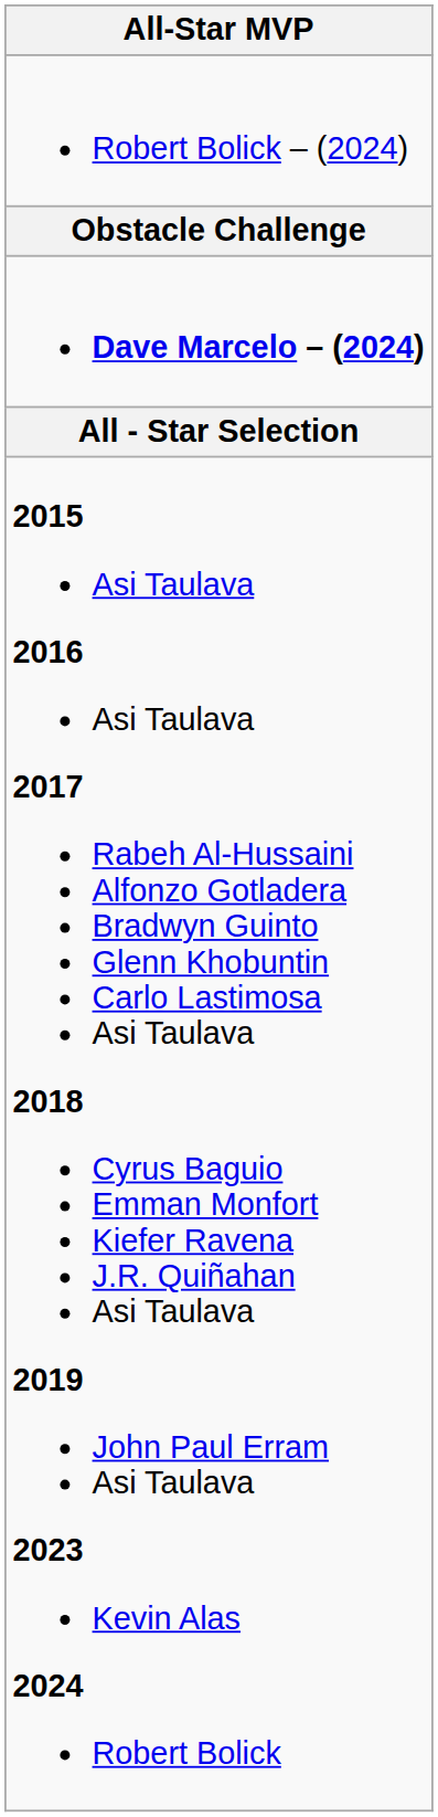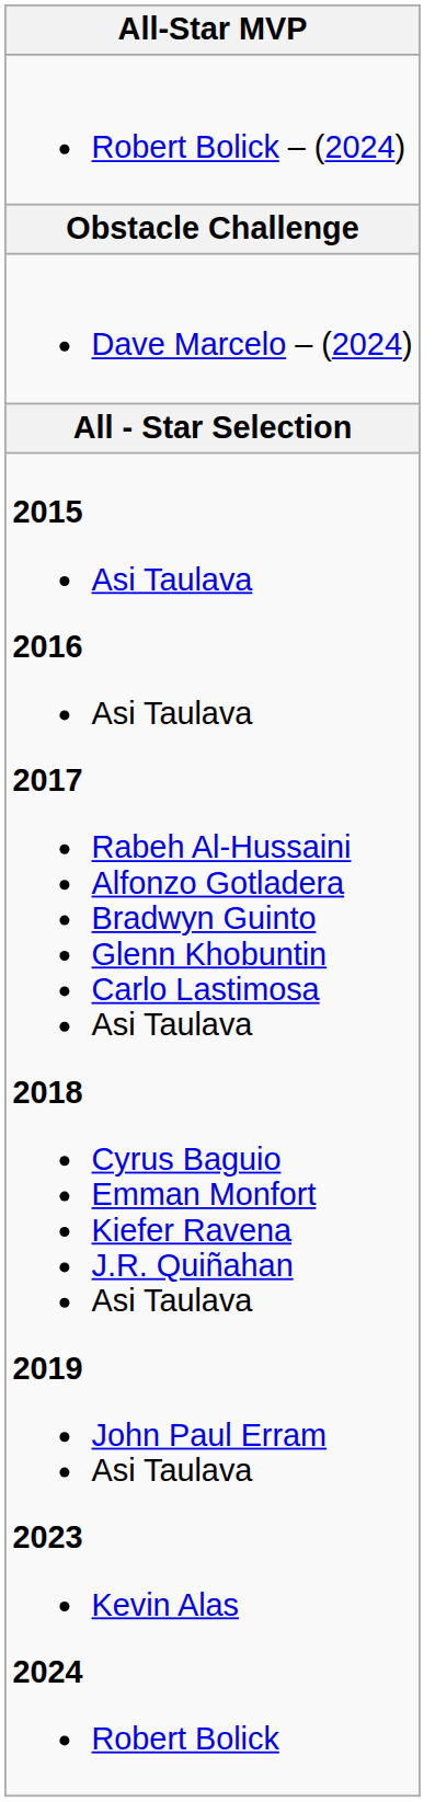 <table class=wikitable>
 <tr>
 <th>All-Star MVP</th>
 </tr>
 <tr>
 <td valign="top"><br><ul><li><a href='#'>Robert Bolick</a> – (<a href='#'>2024</a>)</li></ul></td>
 </tr>
 <tr>
 <th>Obstacle Challenge</th>
 </tr>
 <tr>
-<td valign="top"><strong><br><ul><li><a href='#'>Dave Marcelo</a> – (<a href='#'>2024</a>)</li></ul></strong></td>
+<td valign="top"><br><ul><li><a href='#'>Dave Marcelo</a> – (<a href='#'>2024</a>)</li></ul></td>
 </tr>
 <tr>
 <th>All - Star Selection</th>
 </tr>
 <tr>
 <td valign="top"><br><strong>2015</strong><ul><li><a href='#'>Asi Taulava</a></li></ul><strong>2016</strong><ul><li>Asi Taulava</li></ul><strong>2017</strong><ul><li><a href='#'>Rabeh Al-Hussaini</a></li><li><a href='#'>Alfonzo Gotladera</a></li><li><a href='#'>Bradwyn Guinto</a></li><li><a href='#'>Glenn Khobuntin</a></li><li><a href='#'>Carlo Lastimosa</a></li><li>Asi Taulava</li></ul><strong>2018</strong><ul><li><a href='#'>Cyrus Baguio</a></li><li><a href='#'>Emman Monfort</a></li><li><a href='#'>Kiefer Ravena</a></li><li><a href='#'>J.R. Quiñahan</a></li><li>Asi Taulava</li></ul><strong>2019</strong><ul><li><a href='#'>John Paul Erram</a></li><li>Asi Taulava</li></ul><strong>2023</strong><ul><li><a href='#'>Kevin Alas</a></li></ul><strong>2024</strong><ul><li><a href='#'>Robert Bolick</a></li></ul></td>
 </tr>
 </table>
